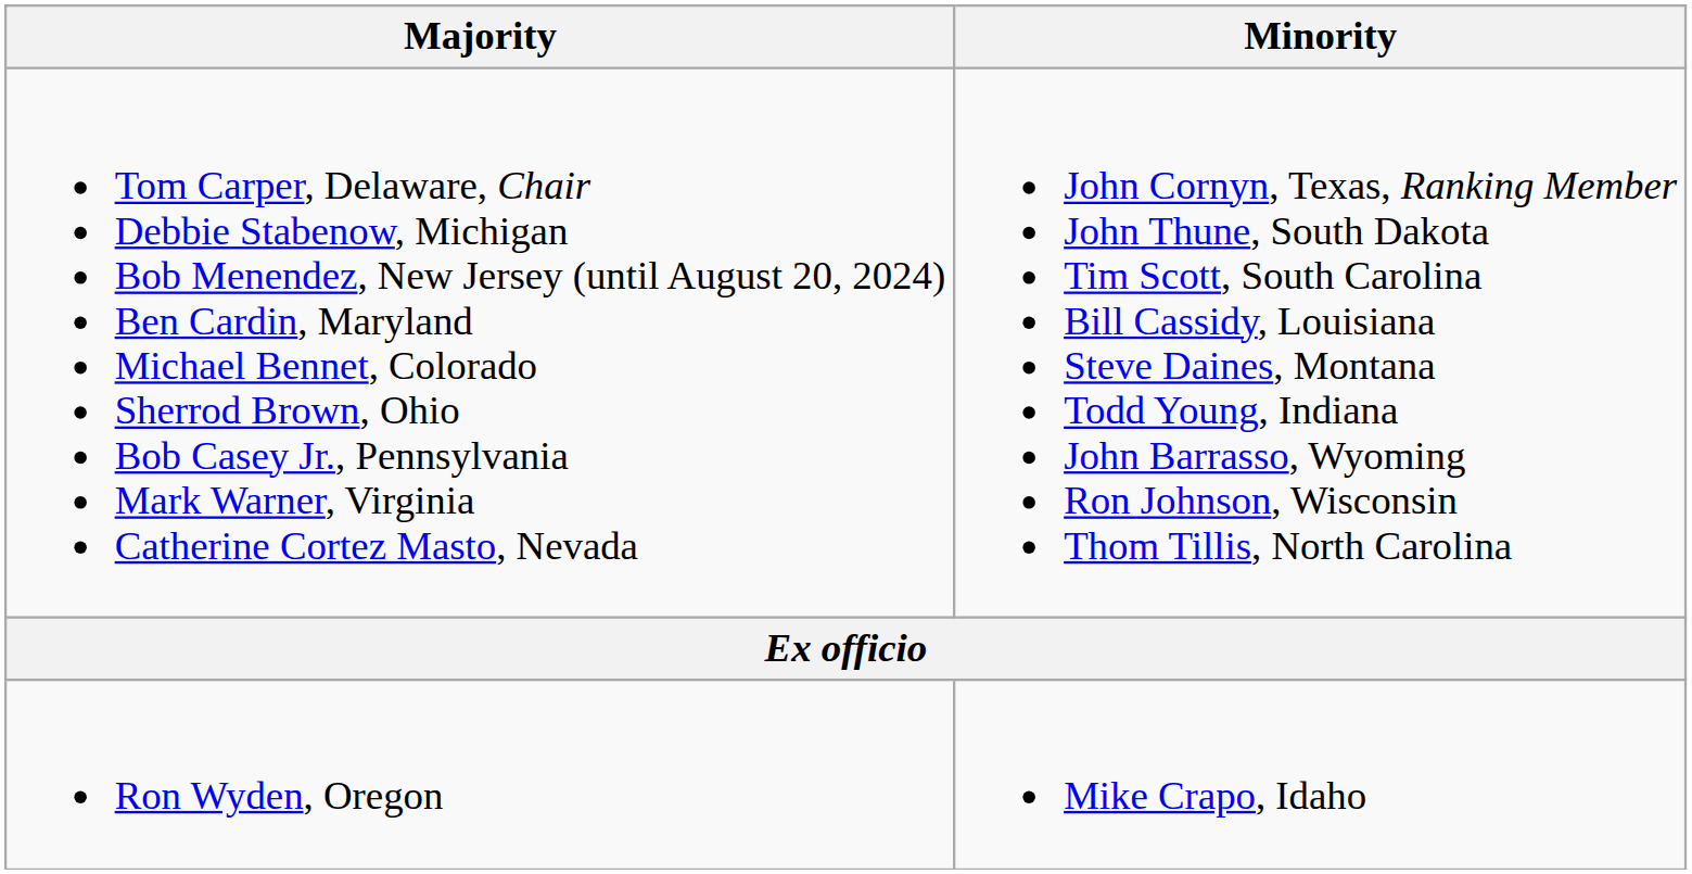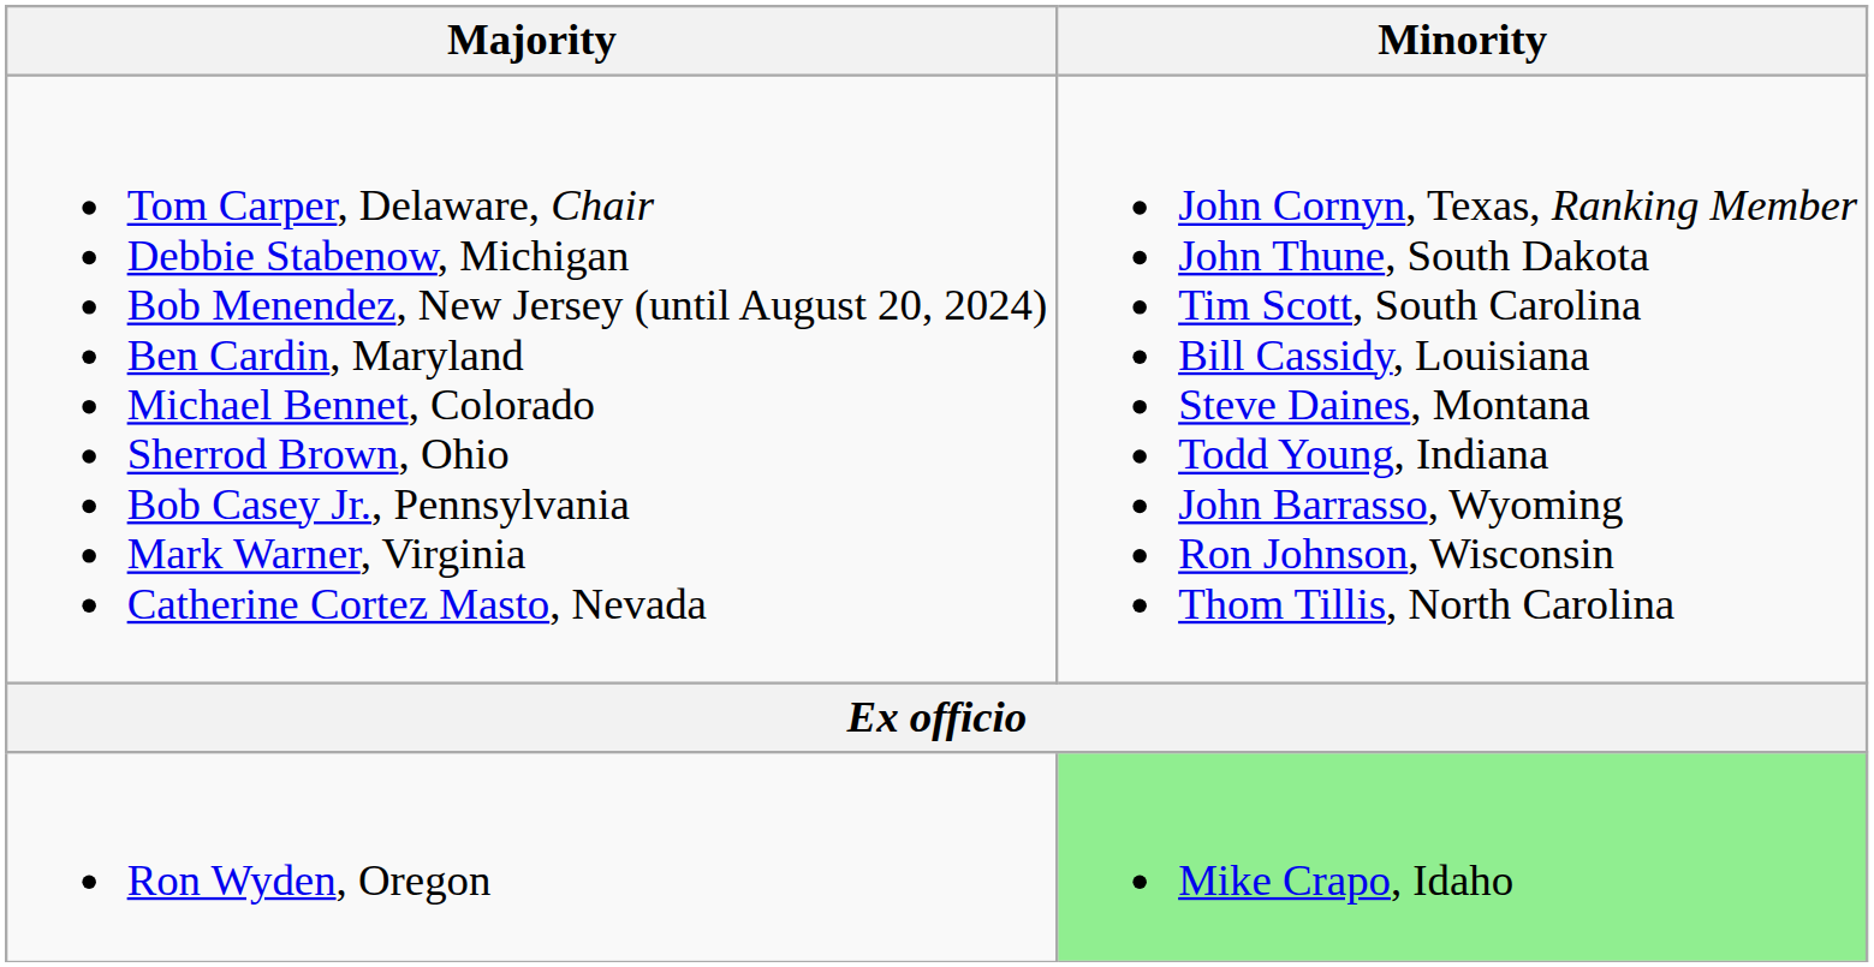 <table class=wikitable>
 <tr>
 <th>Majority</th>
 <th>Minority</th>
 </tr>
 <tr>
 <td><br><ul><li><a href='#'>Tom Carper</a>, Delaware, <em>Chair</em></li><li><a href='#'>Debbie Stabenow</a>, Michigan</li><li><a href='#'>Bob Menendez</a>, New Jersey (until August 20, 2024)</li><li><a href='#'>Ben Cardin</a>, Maryland</li><li><a href='#'>Michael Bennet</a>, Colorado</li><li><a href='#'>Sherrod Brown</a>, Ohio</li><li><a href='#'>Bob Casey Jr.</a>, Pennsylvania</li><li><a href='#'>Mark Warner</a>, Virginia</li><li><a href='#'>Catherine Cortez Masto</a>, Nevada</li></ul></td>
 <td><br><ul><li><a href='#'>John Cornyn</a>, Texas, <em>Ranking Member</em></li><li><a href='#'>John Thune</a>, South Dakota</li><li><a href='#'>Tim Scott</a>, South Carolina</li><li><a href='#'>Bill Cassidy</a>, Louisiana</li><li><a href='#'>Steve Daines</a>, Montana</li><li><a href='#'>Todd Young</a>, Indiana</li><li><a href='#'>John Barrasso</a>, Wyoming</li><li><a href='#'>Ron Johnson</a>, Wisconsin</li><li><a href='#'>Thom Tillis</a>, North Carolina</li></ul></td>
 </tr>
 <tr>
 <th colspan=2><em>Ex officio</em></th>
 </tr>
 <tr>
 <td><br><ul><li><a href='#'>Ron Wyden</a>, Oregon</li></ul></td>
-<td><br><ul><li><a href='#'>Mike Crapo</a>, Idaho</li></ul></td>
+<td style="background: lightgreen;"><br><ul><li><a href='#'>Mike Crapo</a>, Idaho</li></ul></td>
 </tr>
 </table>
